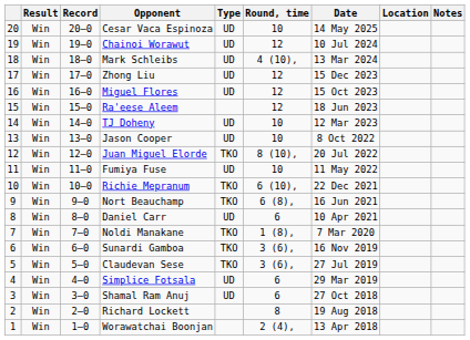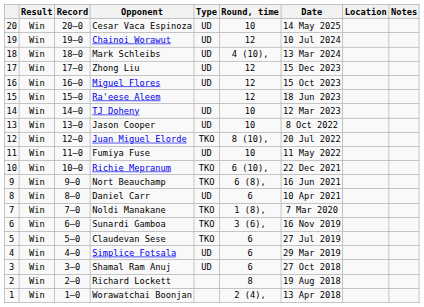 <table class="wikitable" style="text-align:center">
 <tr>
 <th></th>
 <th>Result</th>
 <th>Record</th>
 <th>Opponent</th>
 <th>Type</th>
 <th>Round, time</th>
 <th>Date</th>
 <th>Location</th>
 <th>Notes</th>
 </tr>
 <tr>
 <td>20</td>
 <td>Win</td>
 <td>20–0</td>
 <td style="text-align:left;">Cesar Vaca Espinoza</td>
 <td>UD</td>
 <td>10</td>
 <td>14 May 2025</td>
 <td style="text-align:left;"></td>
 <td></td>
 </tr>
 <tr>
 <td>19</td>
 <td>Win</td>
 <td>19–0</td>
 <td style="text-align:left;"><a href='#'>Chainoi Worawut</a></td>
 <td>UD</td>
 <td>12</td>
 <td>10 Jul 2024</td>
 <td style="text-align:left;"></td>
 <td></td>
 </tr>
 <tr>
 <td>18</td>
 <td>Win</td>
 <td>18–0</td>
 <td style="text-align:left;">Mark Schleibs</td>
 <td>UD</td>
 <td>4 (10), </td>
 <td>13 Mar 2024</td>
 <td style="text-align:left;"></td>
 <td></td>
 </tr>
 <tr>
 <td>17</td>
 <td>Win</td>
 <td>17–0</td>
 <td style="text-align:left;">Zhong Liu</td>
 <td>UD</td>
 <td>12</td>
 <td>15 Dec 2023</td>
 <td style="text-align:left;"></td>
 <td></td>
 </tr>
 <tr>
 <td>16</td>
 <td>Win</td>
 <td>16–0</td>
 <td style="text-align:left;"><a href='#'>Miguel Flores</a></td>
 <td>UD</td>
 <td>12</td>
 <td>15 Oct 2023</td>
 <td style="text-align:left;"></td>
 <td></td>
 </tr>
 <tr>
 <td>15</td>
 <td>Win</td>
 <td>15–0</td>
 <td style="text-align:left;"><a href='#'>Ra'eese Aleem</a></td>
 <td></td>
 <td>12</td>
 <td>18 Jun 2023</td>
 <td style="text-align:left;"></td>
 <td></td>
 </tr>
 <tr>
 <td>14</td>
 <td>Win</td>
 <td>14–0</td>
 <td style="text-align:left;"><a href='#'>TJ Doheny</a></td>
 <td>UD</td>
 <td>10</td>
 <td>12 Mar 2023</td>
 <td style="text-align:left;"></td>
 <td style="text-align:left;"></td>
 </tr>
 <tr>
 <td>13</td>
 <td>Win</td>
 <td>13–0</td>
 <td style="text-align:left;">Jason Cooper</td>
 <td>UD</td>
 <td>10</td>
 <td>8 Oct 2022</td>
 <td style="text-align:left;"></td>
 <td style="text-align:left;"></td>
 </tr>
 <tr>
 <td>12</td>
 <td>Win</td>
 <td>12–0</td>
 <td style="text-align:left;"><a href='#'>Juan Miguel Elorde</a></td>
 <td>TKO</td>
 <td>8 (10), </td>
 <td>20 Jul 2022</td>
 <td style="text-align:left;"></td>
 <td style="text-align:left;"></td>
 </tr>
 <tr>
 <td>11</td>
 <td>Win</td>
 <td>11–0</td>
 <td style="text-align:left;">Fumiya Fuse</td>
 <td>UD</td>
 <td>10</td>
 <td>11 May 2022</td>
 <td style="text-align:left;"></td>
 <td style="text-align:left;"></td>
 </tr>
 <tr>
 <td>10</td>
 <td>Win</td>
 <td>10–0</td>
 <td style="text-align:left;"><a href='#'>Richie Mepranum</a></td>
 <td>TKO</td>
 <td>6 (10), </td>
 <td>22 Dec 2021</td>
 <td style="text-align:left;"></td>
 <td style="text-align:left;"></td>
 </tr>
 <tr>
 <td>9</td>
 <td>Win</td>
 <td>9–0</td>
 <td style="text-align:left;">Nort Beauchamp</td>
 <td>TKO</td>
 <td>6 (8), </td>
 <td>16 Jun 2021</td>
 <td style="text-align:left;"></td>
 <td style="text-align:left;"></td>
 </tr>
 <tr>
 <td>8</td>
 <td>Win</td>
 <td>8–0</td>
 <td style="text-align:left;">Daniel Carr</td>
 <td>UD</td>
 <td>6</td>
 <td>10 Apr 2021</td>
 <td style="text-align:left;"></td>
 <td></td>
 </tr>
 <tr>
 <td>7</td>
 <td>Win</td>
 <td>7–0</td>
 <td style="text-align:left;">Noldi Manakane</td>
 <td>TKO</td>
 <td>1 (8), </td>
 <td>7 Mar 2020</td>
 <td style="text-align:left;"></td>
 <td></td>
 </tr>
 <tr>
 <td>6</td>
 <td>Win</td>
 <td>6–0</td>
 <td style="text-align:left;">Sunardi Gamboa</td>
 <td>TKO</td>
 <td>3 (6), </td>
 <td>16 Nov 2019</td>
 <td style="text-align:left;"></td>
 <td></td>
 </tr>
 <tr>
 <td>5</td>
 <td>Win</td>
 <td>5–0</td>
 <td style="text-align:left;">Claudevan Sese</td>
 <td>TKO</td>
-<td>3 (6), </td>
+<td>6</td>
 <td>27 Jul 2019</td>
 <td style="text-align:left;"></td>
 <td></td>
 </tr>
 <tr>
 <td>4</td>
 <td>Win</td>
 <td>4–0</td>
 <td style="text-align:left;"><a href='#'>Simplice Fotsala</a></td>
 <td>UD</td>
 <td>6</td>
 <td>29 Mar 2019</td>
 <td style="text-align:left;"></td>
 <td></td>
 </tr>
 <tr>
 <td>3</td>
 <td>Win</td>
 <td>3–0</td>
 <td style="text-align:left;">Shamal Ram Anuj</td>
 <td>UD</td>
 <td>6</td>
 <td>27 Oct 2018</td>
 <td style="text-align:left;"></td>
 <td></td>
 </tr>
 <tr>
 <td>2</td>
 <td>Win</td>
 <td>2–0</td>
 <td style="text-align:left;">Richard Lockett</td>
 <td></td>
 <td>8</td>
 <td>19 Aug 2018</td>
 <td style="text-align:left;"></td>
 <td></td>
 </tr>
 <tr>
 <td>1</td>
 <td>Win</td>
 <td>1–0</td>
 <td style="text-align:left;">Worawatchai Boonjan</td>
 <td></td>
 <td>2 (4), </td>
 <td>13 Apr 2018</td>
 <td style="text-align:left;"></td>
 <td></td>
 </tr>
 </table>
